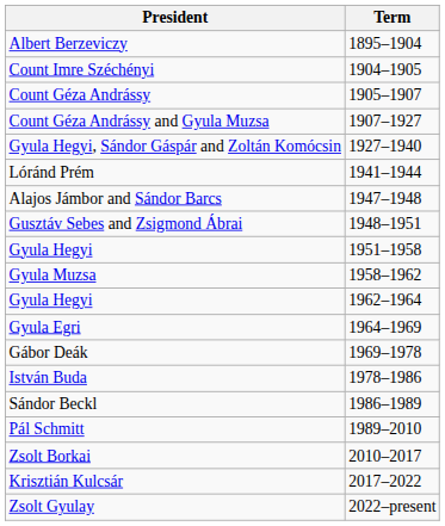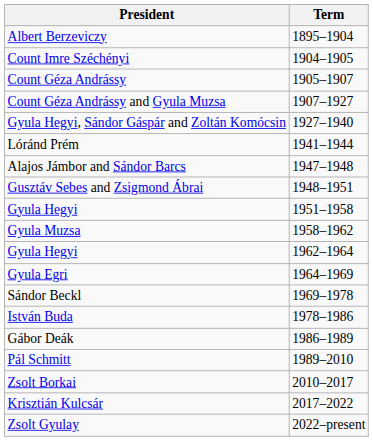 <table class="wikitable">
 <tr>
 <th>President</th>
 <th>Term</th>
 </tr>
 <tr>
 <td><a href='#'>Albert Berzeviczy</a></td>
 <td>1895–1904</td>
 </tr>
 <tr>
 <td><a href='#'>Count Imre Széchényi</a></td>
 <td>1904–1905</td>
 </tr>
 <tr>
 <td><a href='#'>Count Géza Andrássy</a></td>
 <td>1905–1907</td>
 </tr>
 <tr>
 <td><a href='#'>Count Géza Andrássy</a> and <a href='#'>Gyula Muzsa</a></td>
 <td>1907–1927</td>
 </tr>
 <tr>
 <td><a href='#'>Gyula Hegyi</a>, <a href='#'>Sándor Gáspár</a> and <a href='#'>Zoltán Komócsin</a></td>
 <td>1927–1940</td>
 </tr>
 <tr>
 <td>Lóránd Prém</td>
 <td>1941–1944</td>
 </tr>
 <tr>
 <td>Alajos Jámbor and <a href='#'>Sándor Barcs</a></td>
 <td>1947–1948</td>
 </tr>
 <tr>
 <td><a href='#'>Gusztáv Sebes</a> and <a href='#'>Zsigmond Ábrai</a></td>
 <td>1948–1951</td>
 </tr>
 <tr>
 <td><a href='#'>Gyula Hegyi</a></td>
 <td>1951–1958</td>
 </tr>
 <tr>
 <td><a href='#'>Gyula Muzsa</a></td>
 <td>1958–1962</td>
 </tr>
 <tr>
 <td><a href='#'>Gyula Hegyi</a></td>
 <td>1962–1964</td>
 </tr>
 <tr>
 <td><a href='#'>Gyula Egri</a></td>
 <td>1964–1969</td>
 </tr>
 <tr>
-<td>Gábor Deák</td>
+<td>Sándor Beckl</td>
 <td>1969–1978</td>
 </tr>
 <tr>
 <td><a href='#'>István Buda</a></td>
 <td>1978–1986</td>
 </tr>
 <tr>
-<td>Sándor Beckl</td>
+<td>Gábor Deák</td>
 <td>1986–1989</td>
 </tr>
 <tr>
 <td><a href='#'>Pál Schmitt</a></td>
 <td>1989–2010</td>
 </tr>
 <tr>
 <td><a href='#'>Zsolt Borkai</a></td>
 <td>2010–2017</td>
 </tr>
 <tr>
 <td><a href='#'>Krisztián Kulcsár</a></td>
 <td>2017–2022</td>
 </tr>
 <tr>
 <td><a href='#'>Zsolt Gyulay</a></td>
 <td>2022–present</td>
 </tr>
 </table>
